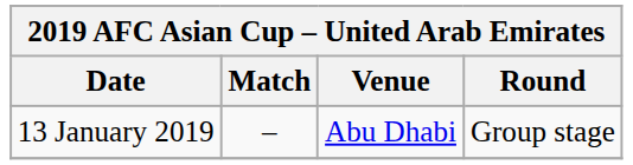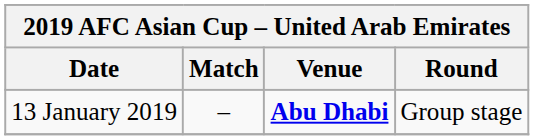 <table class="wikitable" style="margin:1em auto 1em auto; text-align:center; font-size:small;">
 <tr>
 <th colspan="4">2019 AFC Asian Cup – United Arab Emirates</th>
 </tr>
 <tr>
 <th>Date</th>
 <th>Match</th>
 <th>Venue</th>
 <th>Round</th>
 </tr>
 <tr>
 <td>13 January 2019</td>
 <td> – </td>
-<td><a href='#'>Abu Dhabi</a></td>
+<td><strong><a href='#'>Abu Dhabi</a></strong></td>
 <td>Group stage</td>
 </tr>
 <tr>
 </tr>
 </table>
